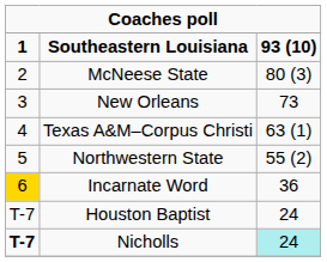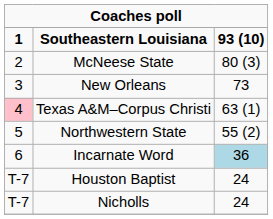 <table class="wikitable">
 <tr align="center">
 <td align="center" Colspan="3"><strong>Coaches poll</strong></td>
 </tr>
 <tr align="center">
 </tr>
 <tr align="center">
 <td><strong>1</strong></td>
 <td><strong>Southeastern Louisiana</strong></td>
 <td><strong>93 (10)</strong></td>
 </tr>
 <tr align="center">
 <td>2</td>
 <td>McNeese State</td>
 <td>80 (3)</td>
 </tr>
 <tr align="center">
 <td>3</td>
 <td>New Orleans</td>
 <td>73</td>
 </tr>
 <tr align="center">
-<td>4</td>
+<td style="background: pink;">4</td>
 <td>Texas A&M–Corpus Christi</td>
 <td>63 (1)</td>
 </tr>
 <tr align="center">
 <td>5</td>
 <td>Northwestern State</td>
 <td>55 (2)</td>
 </tr>
 <tr align="center">
-<td style="background: gold;">6</td>
+<td>6</td>
 <td>Incarnate Word</td>
-<td>36</td>
+<td style="background: lightblue;">36</td>
 </tr>
 <tr align="center">
 <td>T-7</td>
 <td>Houston Baptist</td>
 <td>24</td>
 </tr>
 <tr align="center">
-<td><strong>T-7</strong></td>
+<td>T-7</td>
 <td>Nicholls</td>
-<td style="background: paleturquoise;">24</td>
+<td>24</td>
 </tr>
 <tr align="center">
 </tr>
 </table>
